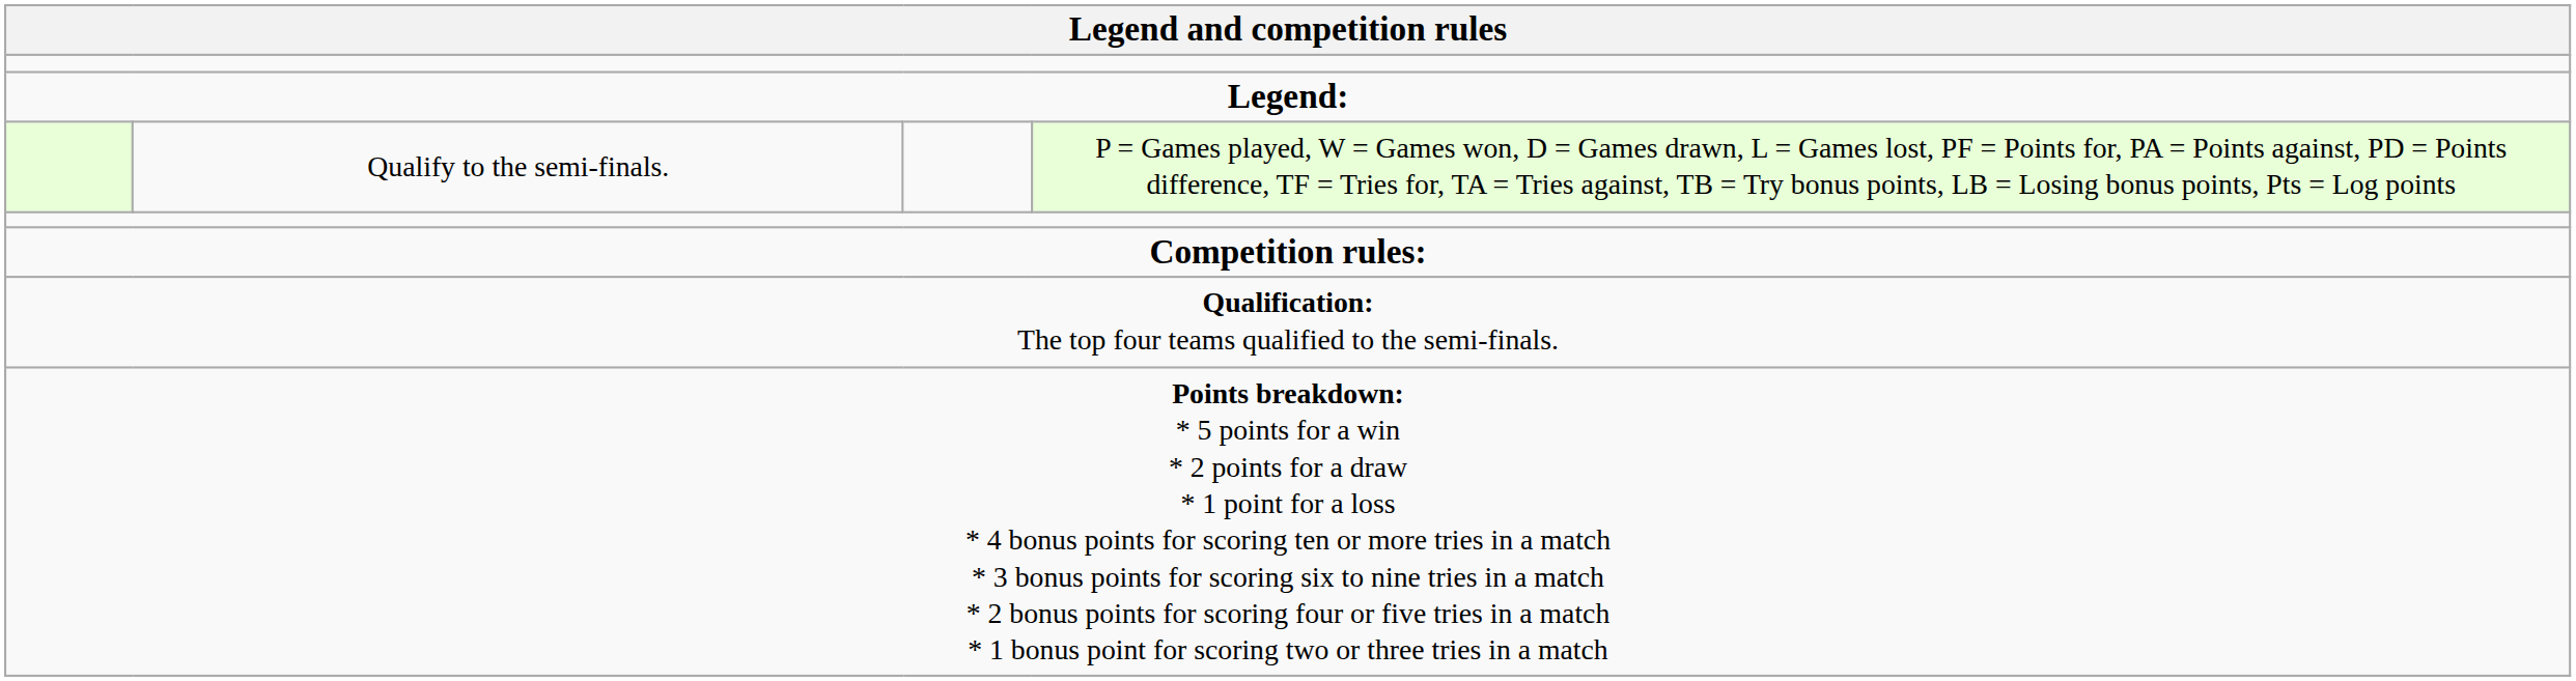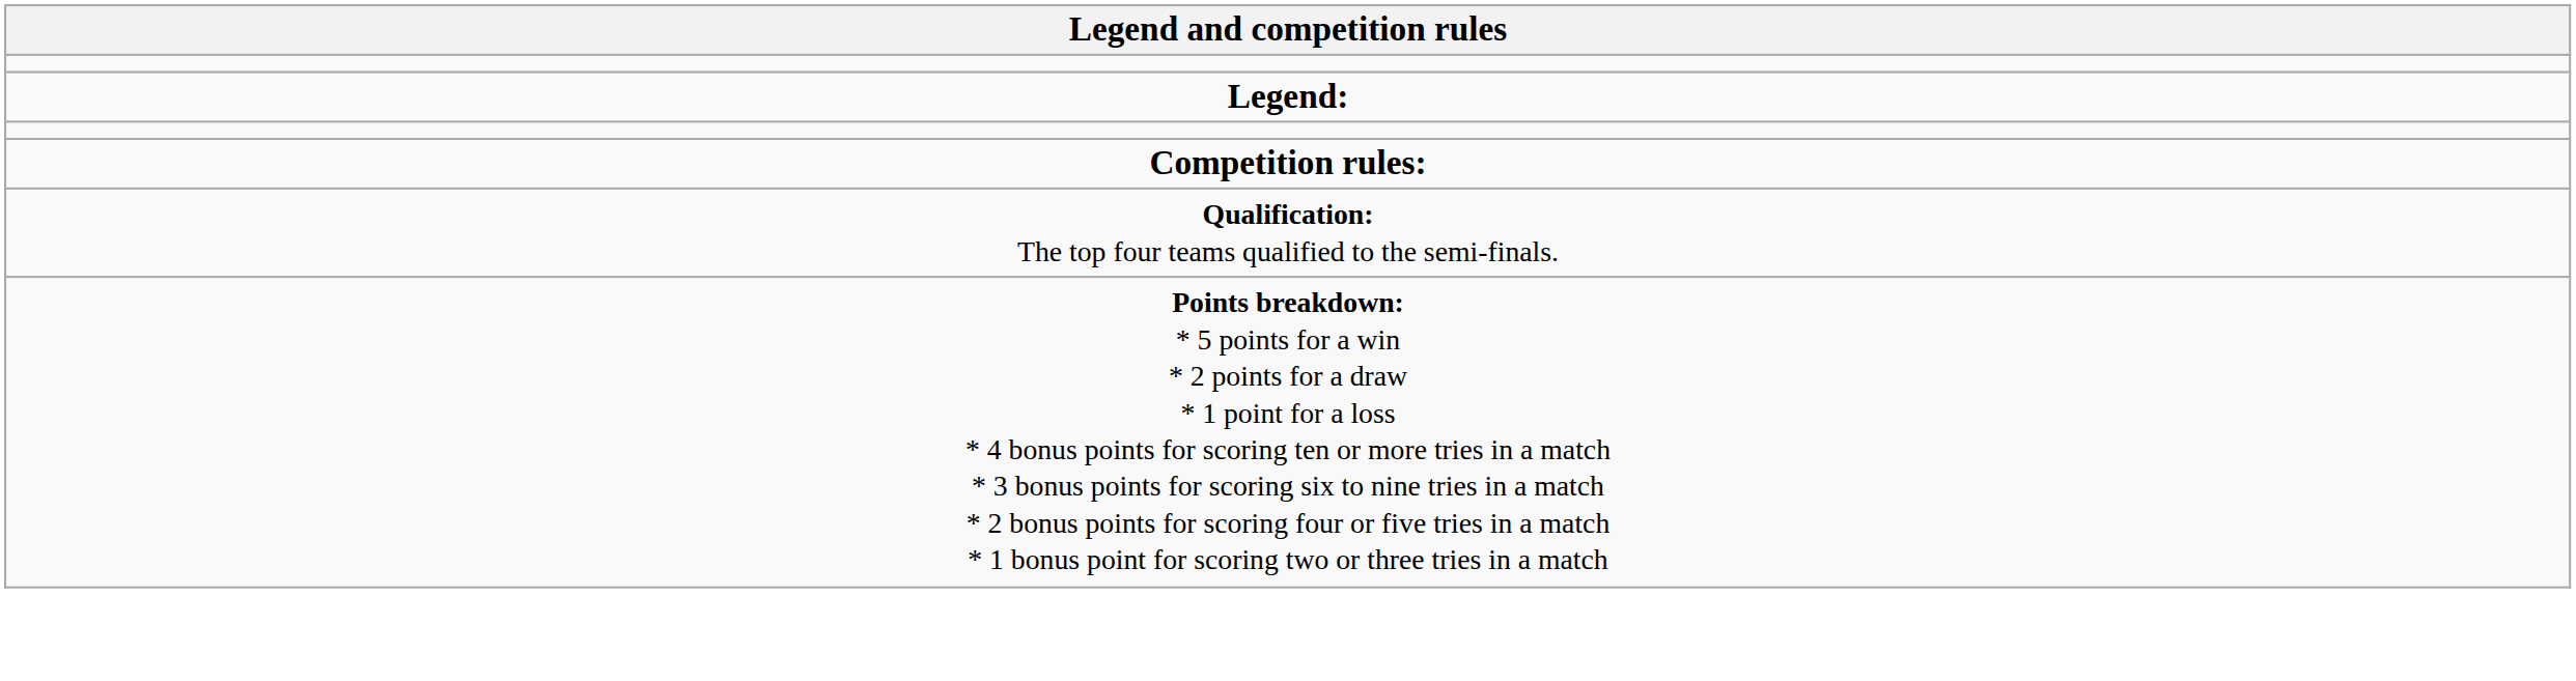 <table class="wikitable collapsible collapsed" style="text-align:center; line-height:100%; font-size:100%; width:60%;">
 <tr>
 <th colspan="4" style="border:0px">Legend and competition rules</th>
 </tr>
 <tr>
 <td colspan="4"></td>
 </tr>
 <tr>
 <td colspan="4" style="border:0px"><strong>Legend:</strong></td>
-</tr>
-<tr>
-<td style="width:5%; background:#E8FFD8"></td>
-<td style="width:30%;"><small>Qualify to the semi-finals.</small></td>
-<td style="width:5%;"></td>
-<td style="width:60%; background:#E8FFD8;"><small>P = Games played, W = Games won, D = Games drawn, L = Games lost, PF = Points for, PA = Points against, PD = Points difference, TF = Tries for, TA = Tries against, TB = Try bonus points, LB = Losing bonus points, Pts = Log points</small></td>
 </tr>
 <tr>
 <td colspan="4"></td>
 </tr>
 <tr>
 <td colspan="4" style="border:0px"><strong>Competition rules:</strong></td>
 </tr>
 <tr>
 <td colspan="4"><small><strong>Qualification:</strong><br>The top four teams qualified to the semi-finals.</small></td>
 </tr>
 <tr>
 <td colspan="4"><small><strong>Points breakdown:</strong> <br> * 5 points for a win <br> * 2 points for a draw <br> * 1 point for a loss <br> * 4 bonus points for scoring ten or more tries in a match <br> * 3 bonus points for scoring six to nine tries in a match <br> * 2 bonus points for scoring four or five tries in a match <br> * 1 bonus point for scoring two or three tries in a match</small></td>
 </tr>
 </table>
